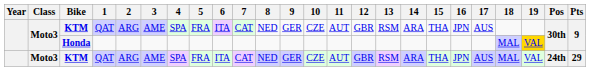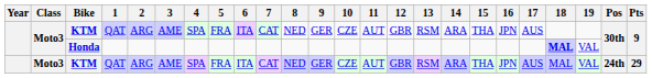 <table class="wikitable" style="text-align:center">
 <tr>
 <th>Year</th>
 <th>Class</th>
 <th>Bike</th>
 <th>1</th>
 <th>2</th>
 <th>3</th>
 <th>4</th>
 <th>5</th>
 <th>6</th>
 <th>7</th>
 <th>8</th>
 <th>9</th>
 <th>10</th>
 <th>11</th>
 <th>12</th>
 <th>13</th>
 <th>14</th>
 <th>15</th>
 <th>16</th>
 <th>17</th>
 <th>18</th>
 <th>19</th>
 <th>Pos</th>
 <th>Pts</th>
 </tr>
 <tr>
 <th rowspan=2></th>
 <th rowspan=2>Moto3</th>
 <th><a href='#'>KTM</a></th>
 <td style="background:#CFCFFF;"><a href='#'>QAT</a><br></td>
 <td style="background:#CFCFFF;"><a href='#'>ARG</a><br></td>
 <td style="background:#CFCFFF;"><a href='#'>AME</a><br></td>
 <td style="background:#DFFFDF;"><a href='#'>SPA</a><br></td>
 <td style="background:#DFFFDF;"><a href='#'>FRA</a><br></td>
 <td style="background:#EECFFF;"><a href='#'>ITA</a><br></td>
 <td style="background:#DFFFDF;"><a href='#'>CAT</a><br></td>
 <td><a href='#'>NED</a></td>
 <td><a href='#'>GER</a></td>
 <td><a href='#'>CZE</a></td>
 <td><a href='#'>AUT</a></td>
 <td><a href='#'>GBR</a></td>
 <td><a href='#'>RSM</a></td>
 <td><a href='#'>ARA</a></td>
 <td><a href='#'>THA</a></td>
 <td><a href='#'>JPN</a></td>
 <td><a href='#'>AUS</a></td>
 <td></td>
 <td></td>
 <th rowspan=2>30th</th>
 <th rowspan=2>9</th>
 </tr>
 <tr>
 <th><a href='#'>Honda</a></th>
 <td></td>
 <td></td>
 <td></td>
 <td></td>
 <td></td>
 <td></td>
 <td></td>
 <td></td>
 <td></td>
 <td></td>
 <td></td>
 <td></td>
 <td></td>
 <td></td>
 <td></td>
 <td></td>
 <td></td>
-<td style="background:#CFCFFF;"><a href='#'>MAL</a><br></td>
-<td style="background: gold;"><a href='#'>VAL</a></td>
+<td style="background:#CFCFFF;"><strong><a href='#'>MAL</a><br></strong></td>
+<td><a href='#'>VAL</a></td>
 </tr>
 <tr>
 <th></th>
 <th>Moto3</th>
 <th><a href='#'>KTM</a></th>
 <td style="background:#cfcfff;"><a href='#'>QAT</a><br></td>
 <td style="background:#cfcfff;"><a href='#'>ARG</a><br></td>
 <td style="background:#cfcfff;"><a href='#'>AME</a><br></td>
 <td style="background:#efcfff;"><a href='#'>SPA</a><br></td>
 <td style="background:#dfffdf;"><a href='#'>FRA</a><br></td>
 <td style="background:#dfffdf;"><a href='#'>ITA</a><br></td>
 <td style="background:#efcfff;"><a href='#'>CAT</a><br></td>
 <td style="background:#cfcfff;"><a href='#'>NED</a><br></td>
 <td style="background:#cfcfff;"><a href='#'>GER</a><br></td>
 <td style="background:#dfffdf;"><a href='#'>CZE</a><br></td>
 <td style="background:#dfffdf;"><a href='#'>AUT</a><br></td>
 <td style="background:#cfcfff;"><a href='#'>GBR</a><br></td>
 <td style="background:#efcfff;"><a href='#'>RSM</a><br></td>
 <td style="background:#cfcfff;"><a href='#'>ARA</a><br></td>
 <td style="background:#dfffdf;"><a href='#'>THA</a><br></td>
 <td style="background:#dfffdf;"><a href='#'>JPN</a><br></td>
 <td style="background:#cfcfff;"><a href='#'>AUS</a><br></td>
 <td style="background:#cfcfff;"><a href='#'>MAL</a><br></td>
 <td style="background:#dfffdf;"><a href='#'>VAL</a><br></td>
 <th>24th</th>
 <th>29</th>
 </tr>
 </table>
